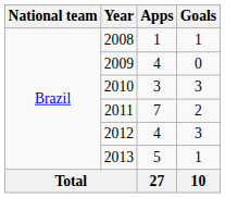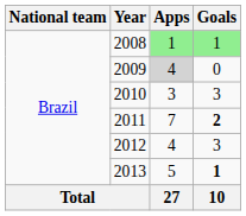 <table class="wikitable" style="text-align:center">
 <tr>
 <th>National team</th>
 <th>Year</th>
 <th>Apps</th>
 <th>Goals</th>
 </tr>
 <tr>
 <td rowspan="6"><a href='#'>Brazil</a></td>
 <td>2008</td>
-<td>1</td>
-<td>1</td>
+<td style="background: lightgreen;">1</td>
+<td style="background: lightgreen;">1</td>
 </tr>
 <tr>
 <td>2009</td>
-<td>4</td>
+<td style="background: lightgrey;">4</td>
 <td>0</td>
 </tr>
 <tr>
 <td>2010</td>
 <td>3</td>
 <td>3</td>
 </tr>
 <tr>
 <td>2011</td>
 <td>7</td>
-<td>2</td>
+<td><strong>2</strong></td>
 </tr>
 <tr>
 <td>2012</td>
 <td>4</td>
 <td>3</td>
 </tr>
 <tr>
 <td>2013</td>
 <td>5</td>
-<td>1</td>
+<td><strong>1</strong></td>
 </tr>
 <tr>
 <th colspan="2">Total</th>
 <th>27</th>
 <th>10</th>
 </tr>
 </table>
